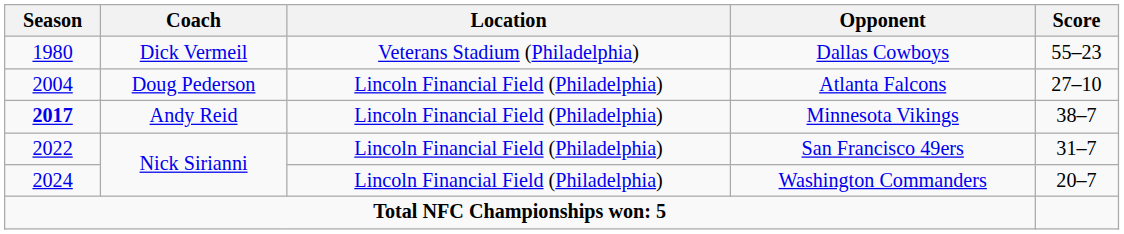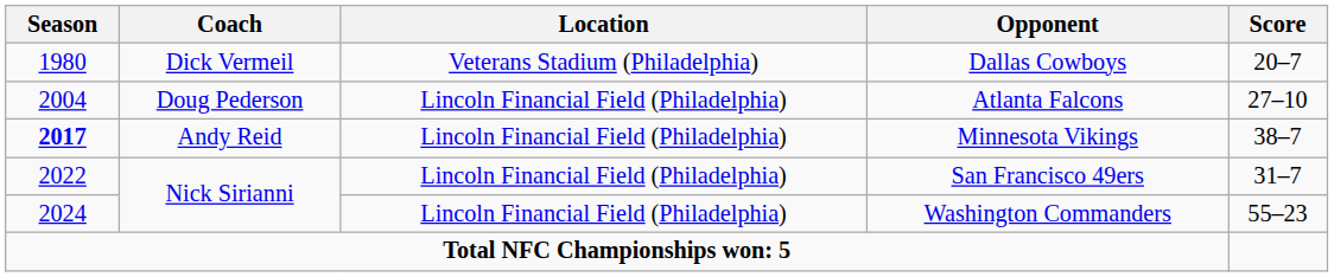 <table class="wikitable" style="width:70%;text-align:center">
 <tr>
 <th>Season</th>
 <th>Coach</th>
 <th>Location</th>
 <th>Opponent</th>
 <th>Score</th>
 </tr>
 <tr>
 <td><a href='#'>1980</a></td>
 <td><a href='#'>Dick Vermeil</a></td>
 <td><a href='#'>Veterans Stadium</a> (<a href='#'>Philadelphia</a>)</td>
 <td><a href='#'>Dallas Cowboys</a></td>
-<td>55–23</td>
+<td>20–7</td>
 </tr>
 <tr>
 <td><a href='#'>2004</a></td>
 <td><a href='#'>Doug Pederson</a></td>
 <td><a href='#'>Lincoln Financial Field</a> (<a href='#'>Philadelphia</a>)</td>
 <td><a href='#'>Atlanta Falcons</a></td>
 <td>27–10</td>
 </tr>
 <tr>
 <td><strong><a href='#'>2017</a></strong></td>
 <td><a href='#'>Andy Reid</a></td>
 <td><a href='#'>Lincoln Financial Field</a> (<a href='#'>Philadelphia</a>)</td>
 <td><a href='#'>Minnesota Vikings</a></td>
 <td>38–7</td>
 </tr>
 <tr>
 <td><a href='#'>2022</a></td>
 <td rowspan=2><a href='#'>Nick Sirianni</a></td>
 <td><a href='#'>Lincoln Financial Field</a> (<a href='#'>Philadelphia</a>)</td>
 <td><a href='#'>San Francisco 49ers</a></td>
 <td>31–7</td>
 </tr>
 <tr>
 <td><a href='#'>2024</a></td>
 <td><a href='#'>Lincoln Financial Field</a> (<a href='#'>Philadelphia</a>)</td>
 <td><a href='#'>Washington Commanders</a></td>
-<td>20–7</td>
+<td>55–23</td>
 </tr>
 <tr>
 <td colspan="4"><strong>Total NFC Championships won: 5</strong></td>
 <td colspan="2"></td>
 </tr>
 </table>
